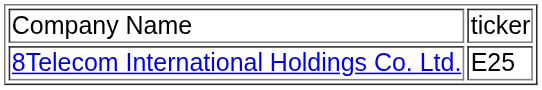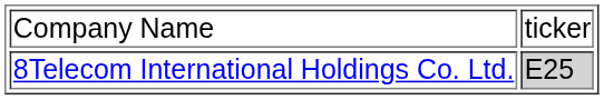 <table border=1>
 <tr>
 <td>Company Name</td>
 <td>ticker</td>
 </tr>
 <tr>
 <td><a href='#'>8Telecom International Holdings Co. Ltd.</a></td>
-<td>E25</td>
+<td style="background: lightgrey;">E25</td>
 </tr>
 </table>
